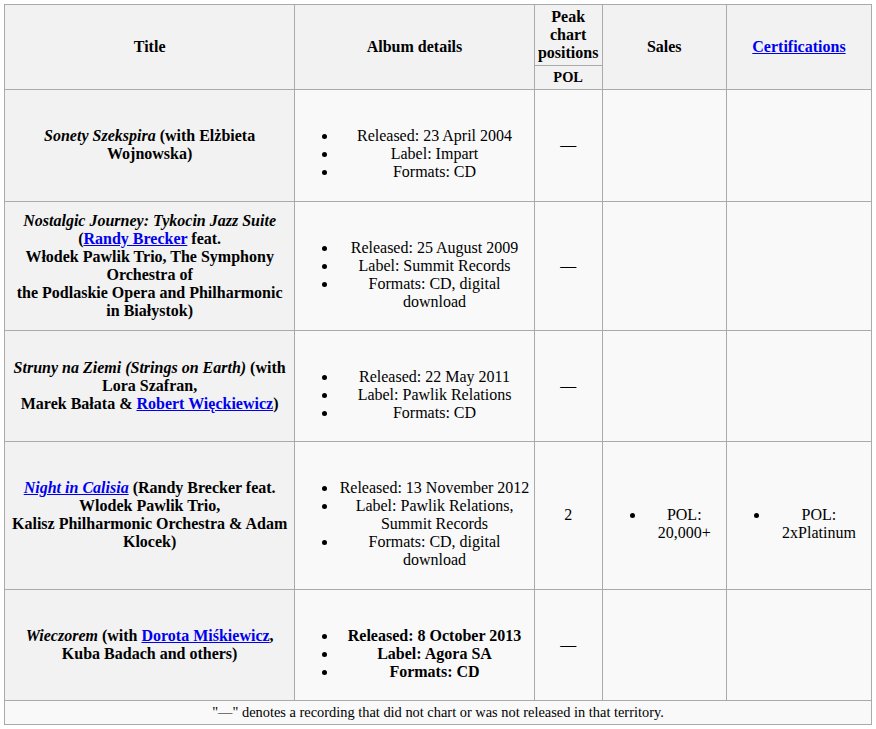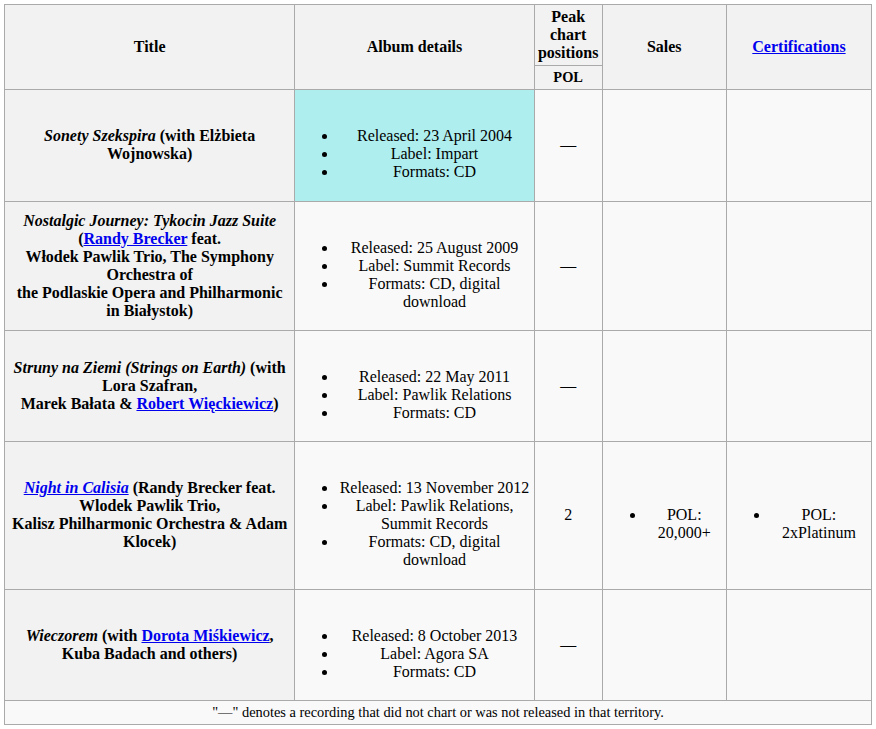 <table class="wikitable plainrowheaders" style="text-align:center;">
 <tr>
 <th scope="col" rowspan="2">Title</th>
 <th scope="col" rowspan="2">Album details</th>
 <th scope="col" colspan="1">Peak chart positions</th>
 <th scope="col" rowspan="2">Sales</th>
 <th scope="col" rowspan="2"><a href='#'>Certifications</a></th>
 </tr>
 <tr>
 <th scope="col" style="width:3em;font-size:90%;">POL<br></th>
 </tr>
 <tr>
 <th scope="row"><em>Sonety Szekspira</em> (with Elżbieta Wojnowska)</th>
-<td><br><ul><li>Released: 23 April 2004</li><li>Label: Impart</li><li>Formats: CD</li></ul></td>
+<td style="background: paleturquoise;"><br><ul><li>Released: 23 April 2004</li><li>Label: Impart</li><li>Formats: CD</li></ul></td>
 <td>—</td>
 <td></td>
 <td></td>
 </tr>
 <tr>
 <th scope="row"><em>Nostalgic Journey: Tykocin Jazz Suite</em> (<a href='#'>Randy Brecker</a> feat.<br>Włodek Pawlik Trio, The Symphony Orchestra of<br>the Podlaskie Opera and Philharmonic in Białystok)</th>
 <td><br><ul><li>Released: 25 August 2009</li><li>Label: Summit Records</li><li>Formats: CD, digital download</li></ul></td>
 <td>—</td>
 <td></td>
 <td></td>
 </tr>
 <tr>
 <th scope="row"><em>Struny na Ziemi (Strings on Earth)</em> (with Lora Szafran,<br>Marek Bałata & <a href='#'>Robert Więckiewicz</a>)</th>
 <td><br><ul><li>Released: 22 May 2011</li><li>Label: Pawlik Relations</li><li>Formats: CD</li></ul></td>
 <td>—</td>
 <td></td>
 <td></td>
 </tr>
 <tr>
 <th scope="row"><em><a href='#'>Night in Calisia</a></em> (Randy Brecker feat. Wlodek Pawlik Trio,<br>Kalisz Philharmonic Orchestra & Adam Klocek)</th>
 <td><br><ul><li>Released: 13 November 2012</li><li>Label: Pawlik Relations, Summit Records</li><li>Formats: CD, digital download</li></ul></td>
 <td>2</td>
 <td><br><ul><li>POL: 20,000+</li></ul></td>
 <td><br><ul><li>POL: 2xPlatinum</li></ul></td>
 </tr>
 <tr>
 <th scope="row"><em>Wieczorem</em> (with <a href='#'>Dorota Miśkiewicz</a>,<br>Kuba Badach and others)</th>
-<td><strong><br><ul><li>Released: 8 October 2013</li><li>Label: Agora SA</li><li>Formats: CD</li></ul></strong></td>
+<td><br><ul><li>Released: 8 October 2013</li><li>Label: Agora SA</li><li>Formats: CD</li></ul></td>
 <td>—</td>
 <td></td>
 <td></td>
 </tr>
 <tr>
 <td colspan="20" style="font-size:90%">"—" denotes a recording that did not chart or was not released in that territory.</td>
 </tr>
 </table>
